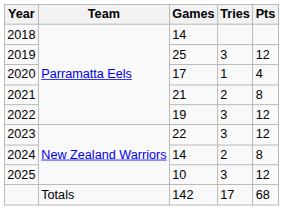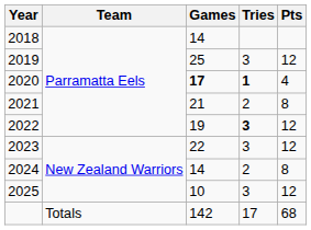 <table class="wikitable">
 <tr>
 <th>Year</th>
 <th>Team</th>
 <th>Games</th>
 <th>Tries</th>
 <th>Pts</th>
 </tr>
 <tr>
 <td>2018</td>
 <td rowspan="5"> <a href='#'>Parramatta Eels</a></td>
 <td>14</td>
 <td></td>
 <td></td>
 </tr>
 <tr>
 <td>2019</td>
 <td>25</td>
 <td>3</td>
 <td>12</td>
 </tr>
 <tr>
 <td>2020</td>
-<td>17</td>
-<td>1</td>
+<td><strong>17</strong></td>
+<td><strong>1</strong></td>
 <td>4</td>
 </tr>
 <tr>
 <td>2021</td>
 <td>21</td>
 <td>2</td>
 <td>8</td>
 </tr>
 <tr>
 <td>2022</td>
 <td>19</td>
-<td>3</td>
+<td><strong>3</strong></td>
 <td>12</td>
 </tr>
 <tr>
 <td>2023</td>
 <td rowspan="3"> <a href='#'>New Zealand Warriors</a></td>
 <td>22</td>
 <td>3</td>
 <td>12</td>
 </tr>
 <tr>
 <td>2024</td>
 <td>14</td>
 <td>2</td>
 <td>8</td>
 </tr>
 <tr>
 <td>2025</td>
 <td>10</td>
 <td>3</td>
 <td>12</td>
 </tr>
 <tr>
 <td></td>
 <td>Totals</td>
 <td>142</td>
 <td>17</td>
 <td>68</td>
 </tr>
 </table>
